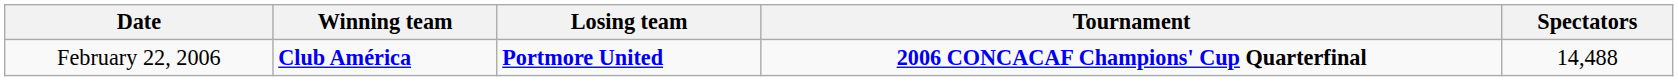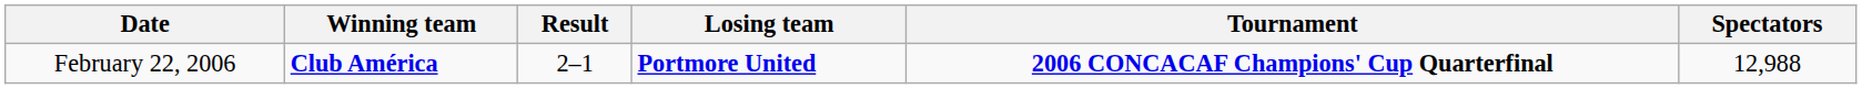 <table class="wikitable" style="text-align:left; width:95%;" style="text-align:center">
 <tr>
 <th style="text-align:center; ">Date</th>
 <th style="text-align:center; ">Winning team</th>
+<th style="text-align:center; ">Result</th>
 <th style="text-align:center; ">Losing team</th>
 <th style="text-align:center; ">Tournament</th>
 <th style="text-align:center; ">Spectators</th>
 </tr>
 <tr>
 <td style="text-align:center;">February 22, 2006</td>
 <td><strong> <a href='#'>Club América</a></strong></td>
+<td style="text-align:center;">2–1</td>
 <td><strong> <a href='#'>Portmore United</a></strong></td>
 <td style="text-align:center;"><strong><a href='#'>2006 CONCACAF Champions' Cup</a> Quarterfinal</strong></td>
-<td style="text-align:center;">14,488</td>
+<td style="text-align:center;">12,988</td>
 </tr>
 </table>
